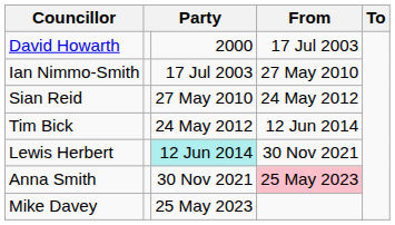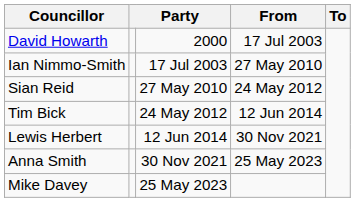 <table class=wikitable>
 <tr>
 <th>Councillor</th>
 <th colspan=2>Party</th>
 <th>From</th>
 <th>To</th>
 </tr>
 <tr>
 <td><a href='#'>David Howarth</a></td>
 <td></td>
 <td align=right>2000</td>
 <td align=right>17 Jul 2003</td>
 </tr>
 <tr>
 <td>Ian Nimmo-Smith</td>
 <td></td>
 <td align=right>17 Jul 2003</td>
 <td align=right>27 May 2010</td>
 </tr>
 <tr>
 <td>Sian Reid</td>
 <td></td>
 <td align=right>27 May 2010</td>
 <td align=right>24 May 2012</td>
 </tr>
 <tr>
 <td>Tim Bick</td>
 <td></td>
 <td align=right>24 May 2012</td>
 <td align=right>12 Jun 2014</td>
 </tr>
 <tr>
 <td>Lewis Herbert</td>
 <td></td>
-<td align=right style="background: paleturquoise;">12 Jun 2014</td>
+<td align=right>12 Jun 2014</td>
 <td align=right>30 Nov 2021</td>
 </tr>
 <tr>
 <td>Anna Smith</td>
 <td></td>
 <td align=right>30 Nov 2021</td>
-<td align=right style="background: pink;">25 May 2023</td>
+<td align=right>25 May 2023</td>
 </tr>
 <tr>
 <td>Mike Davey</td>
 <td></td>
 <td align=right>25 May 2023</td>
 <td align=right></td>
 </tr>
 </table>
